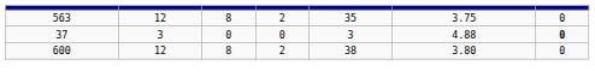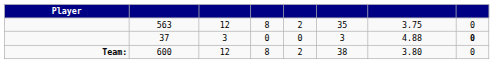 <table style="width:60%;" class="wikitable sortable">
 <tr>
+<th style="color:white; background:#000084; ">Player</th>
 <th style="color:white; background:#000084; "></th>
 <th style="color:white; background:#000084; "></th>
 <th style="color:white; background:#000084; "></th>
 <th style="color:white; background:#000084; "></th>
 <th style="color:white; background:#000084; "></th>
 <th style="color:white; background:#000084; "></th>
 <th style="color:white; background:#000084; "></th>
 </tr>
 <tr align="center">
+<td style="text-align:right;"></td>
 <td>563</td>
 <td>12</td>
 <td>8</td>
 <td>2</td>
 <td>35</td>
 <td>3.75</td>
 <td>0</td>
 </tr>
 <tr style="text-align:center;">
+<td style="text-align:right;"></td>
 <td>37</td>
 <td>3</td>
 <td>0</td>
 <td>0</td>
 <td>3</td>
 <td>4.88</td>
 <td><strong>0</strong></td>
 </tr>
 <tr style="text-align:center;">
+<td style="text-align:right;"><strong>Team:</strong></td>
 <td>600</td>
 <td>12</td>
 <td>8</td>
 <td>2</td>
 <td>38</td>
 <td>3.80</td>
 <td>0</td>
 </tr>
 </table>
